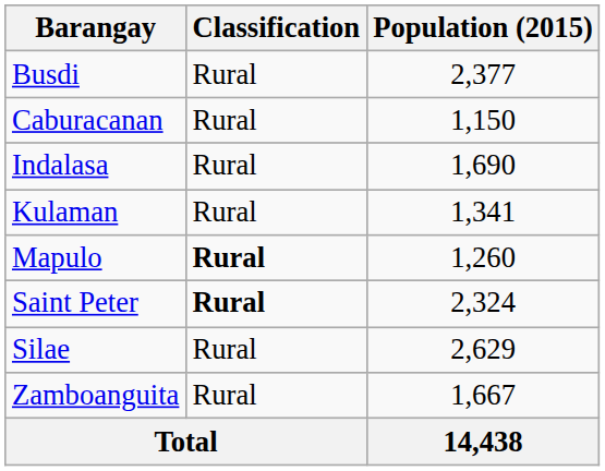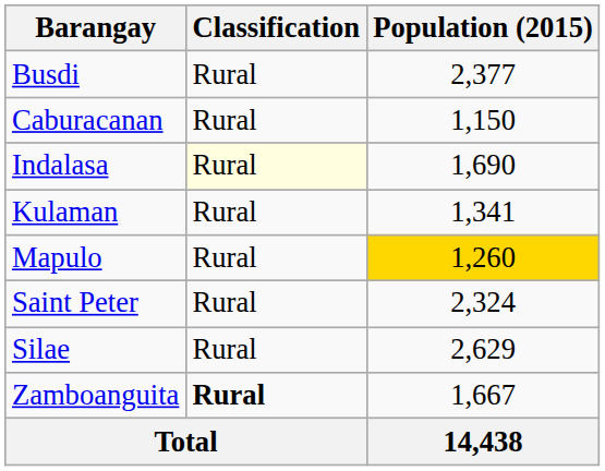 <table class="wikitable sortable">
 <tr>
 <th>Barangay</th>
 <th>Classification</th>
 <th>Population (2015)</th>
 </tr>
 <tr>
 <td><a href='#'>Busdi</a></td>
 <td>Rural</td>
 <td align="center">2,377</td>
 </tr>
 <tr>
 <td><a href='#'>Caburacanan</a></td>
 <td>Rural</td>
 <td align="center">1,150</td>
 </tr>
 <tr>
 <td><a href='#'>Indalasa</a></td>
-<td>Rural</td>
+<td style="background: lightyellow;">Rural</td>
 <td align="center">1,690</td>
 </tr>
 <tr>
 <td><a href='#'>Kulaman</a></td>
 <td>Rural</td>
 <td align="center">1,341</td>
 </tr>
 <tr>
 <td><a href='#'>Mapulo</a></td>
-<td><strong>Rural</strong></td>
-<td align="center">1,260</td>
+<td>Rural</td>
+<td align="center" style="background: gold;">1,260</td>
 </tr>
 <tr>
 <td><a href='#'>Saint Peter</a></td>
-<td><strong>Rural</strong></td>
+<td>Rural</td>
 <td align="center">2,324</td>
 </tr>
 <tr>
 <td><a href='#'>Silae</a></td>
 <td>Rural</td>
 <td align="center">2,629</td>
 </tr>
 <tr>
 <td><a href='#'>Zamboanguita</a></td>
-<td>Rural</td>
+<td><strong>Rural</strong></td>
 <td align="center">1,667</td>
 </tr>
 <tr>
 <th colspan="2">Total</th>
 <th>14,438</th>
 </tr>
 </table>
